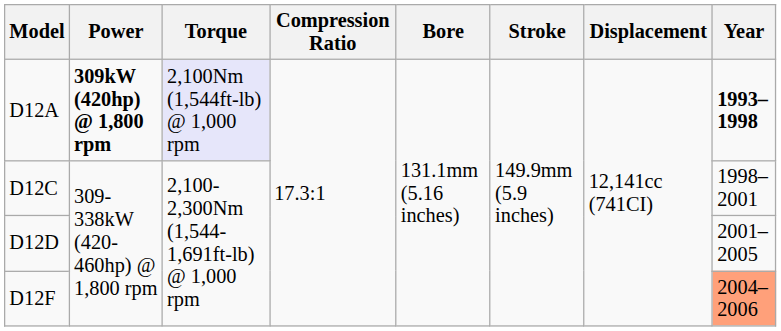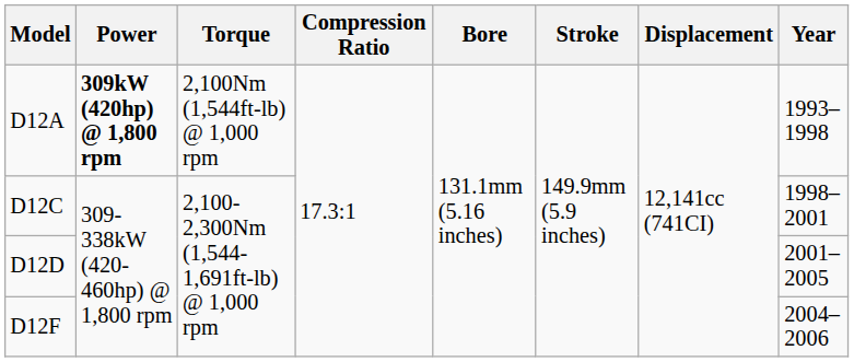 <table class="wikitable">
 <tr>
 <th>Model</th>
 <th>Power</th>
 <th>Torque</th>
 <th>Compression Ratio</th>
 <th>Bore</th>
 <th>Stroke</th>
 <th>Displacement</th>
 <th>Year</th>
 </tr>
 <tr>
 <td>D12A</td>
 <td><strong>309kW (420hp) @ 1,800 rpm</strong></td>
-<td style="background: lavender;">2,100Nm (1,544ft-lb) @ 1,000 rpm</td>
+<td>2,100Nm (1,544ft-lb) @ 1,000 rpm</td>
 <td rowspan="4">17.3:1</td>
 <td rowspan="4">131.1mm (5.16 inches)</td>
 <td rowspan="4">149.9mm (5.9 inches)</td>
 <td rowspan="4">12,141cc (741CI)</td>
-<td><strong>1993–1998</strong></td>
+<td>1993–1998</td>
 </tr>
 <tr>
 <td>D12C</td>
 <td rowspan="3">309-338kW (420-460hp) @ 1,800 rpm</td>
 <td rowspan="3">2,100-2,300Nm (1,544-1,691ft-lb) @ 1,000 rpm</td>
 <td>1998–2001</td>
 </tr>
 <tr>
 <td>D12D</td>
 <td>2001–2005</td>
 </tr>
 <tr>
 <td>D12F</td>
-<td style="background: lightsalmon;">2004–2006</td>
+<td>2004–2006</td>
 </tr>
 </table>
